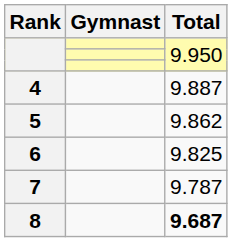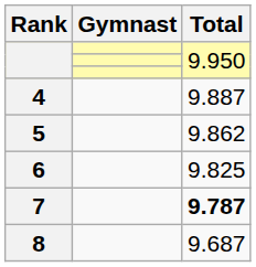 <table class="wikitable sortable" style="text-align:center; font-size:95%">
 <tr>
 <th scope=col>Rank</th>
 <th scope=col>Gymnast</th>
 <th scope=col>Total</th>
 </tr>
 <tr bgcolor=fffcaf>
 <th rowspan="3" scope=row style="text-align:center"></th>
 <td align=left></td>
 <td rowspan="3">9.950</td>
 </tr>
 <tr bgcolor=fffcaf>
 <td align=left></td>
 </tr>
 <tr bgcolor=fffcaf>
 <td align=left></td>
 </tr>
 <tr>
 <th scope=row style="text-align:center">4</th>
 <td align=left></td>
 <td>9.887</td>
 </tr>
 <tr>
 <th scope=row style="text-align:center">5</th>
 <td align=left></td>
 <td>9.862</td>
 </tr>
 <tr>
 <th scope=row style="text-align:center">6</th>
 <td align=left></td>
 <td>9.825</td>
 </tr>
 <tr>
 <th scope=row style="text-align:center">7</th>
 <td align=left></td>
-<td>9.787</td>
+<td><strong>9.787</strong></td>
 </tr>
 <tr>
 <th scope=row style="text-align:center">8</th>
 <td align=left></td>
-<td><strong>9.687</strong></td>
+<td>9.687</td>
 </tr>
 </table>
